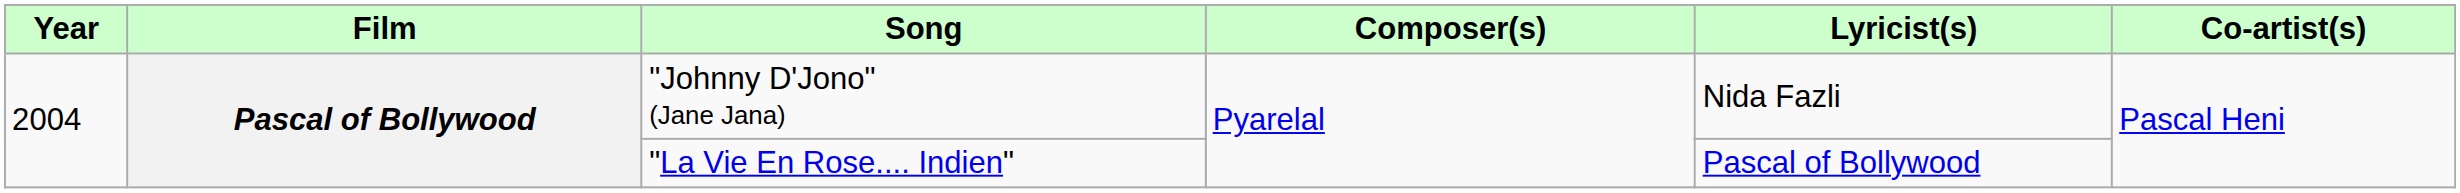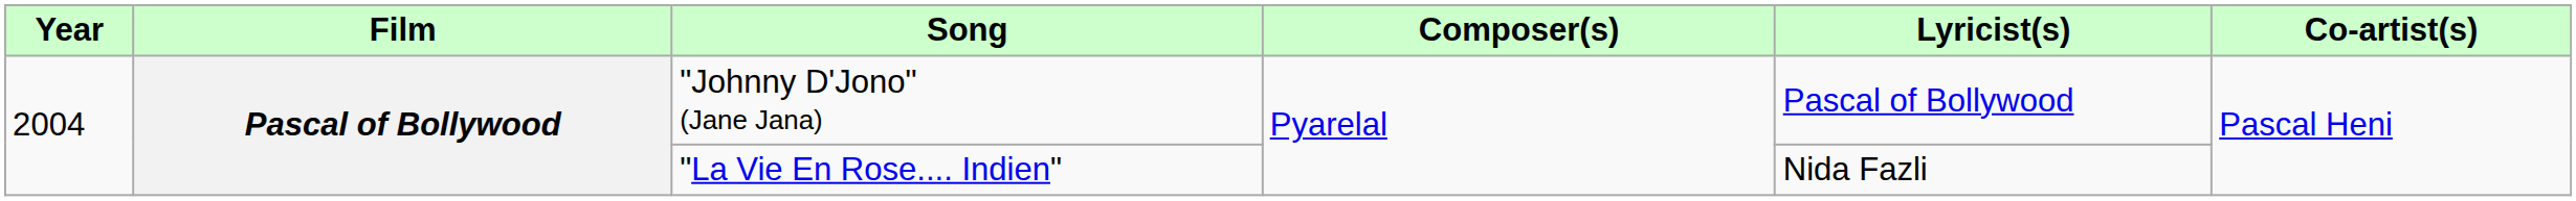 <table class="wikitable plainrowheaders" style="width:100%; textcolor:#000">
 <tr style="background:#cfc; text-align:center;">
 <td scope="col" style="width:5%;"><strong>Year</strong></td>
 <td scope="col" style="width:21%;"><strong>Film</strong></td>
 <td scope="col" style="width:23%;"><strong>Song</strong></td>
 <td scope="col" style="width:20%;"><strong>Composer(s)</strong></td>
 <td scope="col" style="width:17%;"><strong>Lyricist(s)</strong></td>
 <td scope="col" style="width:18%;"><strong>Co-artist(s)</strong></td>
 </tr>
 <tr>
 <td rowspan="2">2004</td>
 <th scope="row" rowspan="2"><em>Pascal of Bollywood</em></th>
 <td>"Johnny D'Jono"<br><small>(Jane Jana)</small></td>
 <td rowspan="2"><a href='#'>Pyarelal</a></td>
-<td>Nida Fazli</td>
+<td><a href='#'>Pascal of Bollywood</a></td>
 <td rowspan="2"><a href='#'>Pascal Heni</a></td>
 </tr>
 <tr>
 <td>"<a href='#'>La Vie En Rose.... Indien</a>"</td>
-<td><a href='#'>Pascal of Bollywood</a></td>
+<td>Nida Fazli</td>
 </tr>
 </table>
